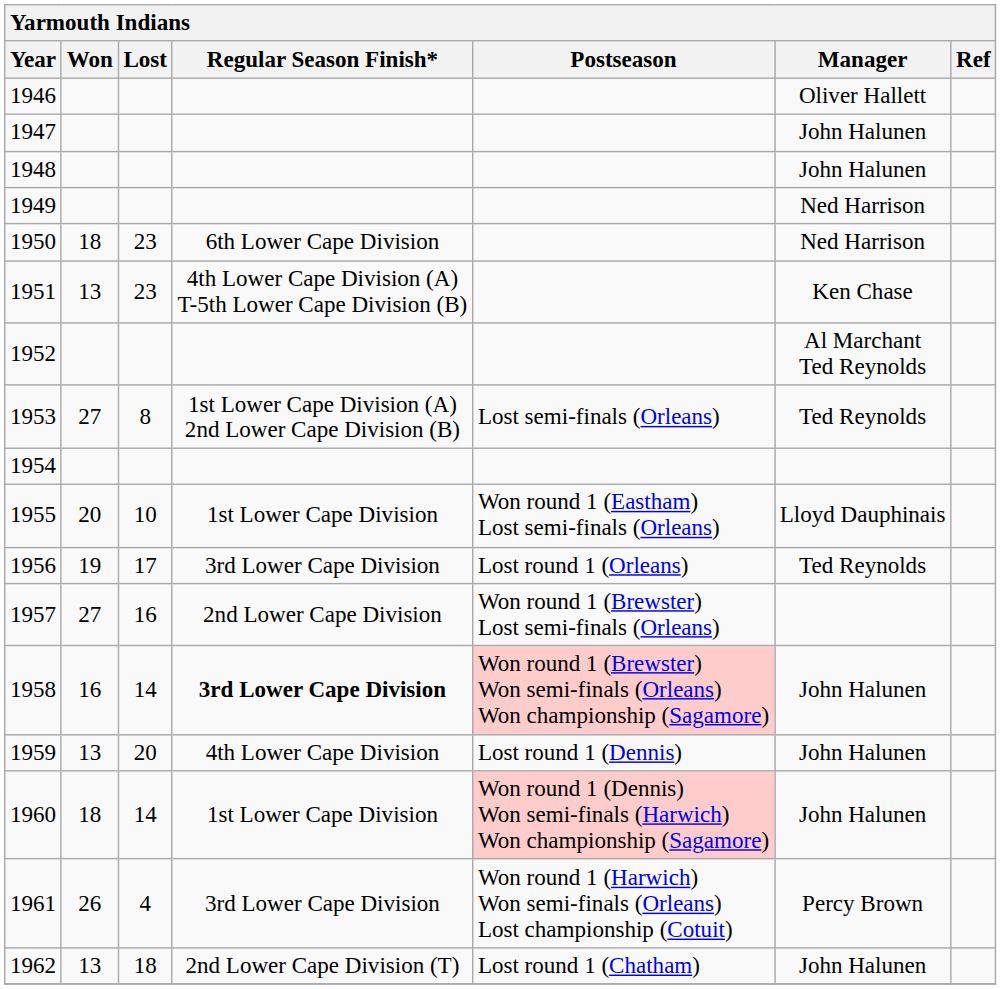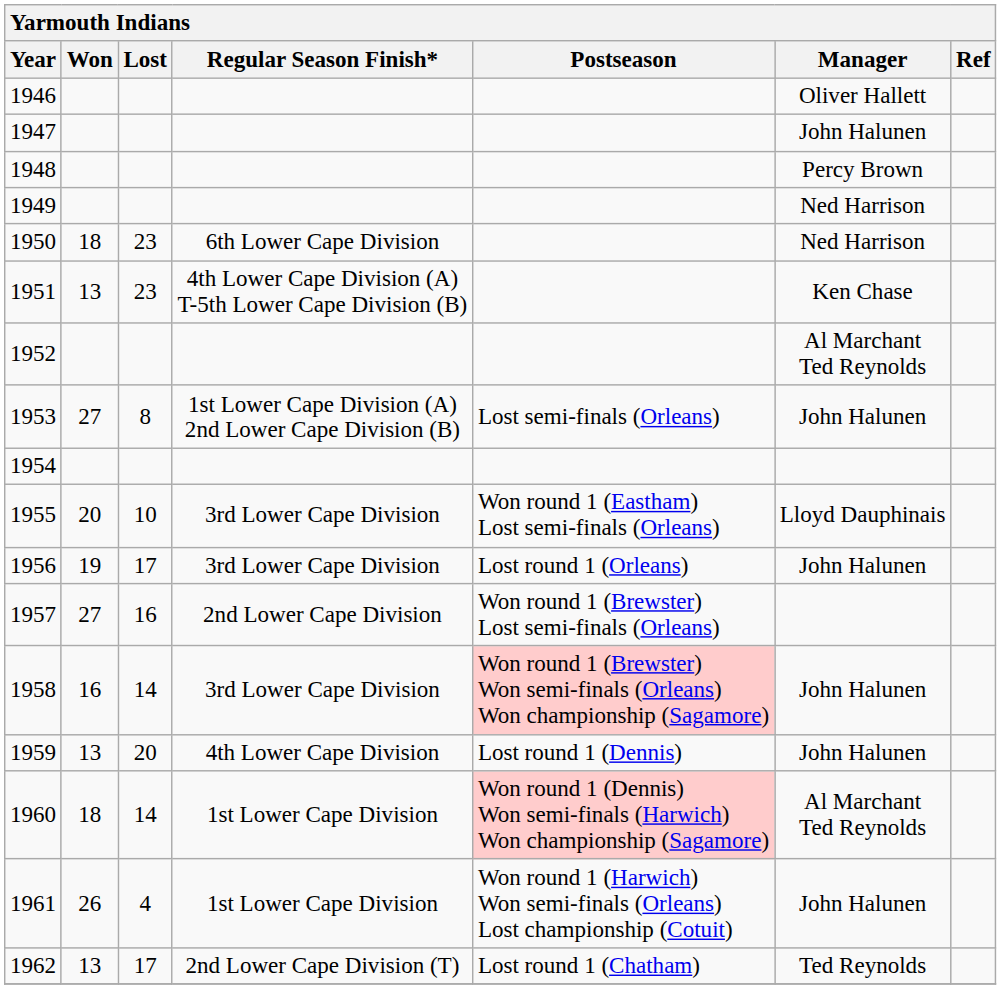 <table class="wikitable" style="text-align:center">
 <tr>
 <th style="text-align:left" colspan="7"><strong><span>Yarmouth Indians</span></strong></th>
 </tr>
 <tr>
 <th scope="col">Year</th>
 <th scope="col">Won</th>
 <th scope="col">Lost</th>
 <th scope="col">Regular Season Finish*</th>
 <th scope="col">Postseason</th>
 <th scope="col">Manager</th>
 <th scope="col">Ref</th>
 </tr>
 <tr>
 <td>1946</td>
 <td></td>
 <td></td>
 <td></td>
 <td></td>
 <td>Oliver Hallett</td>
 <td></td>
 </tr>
 <tr>
 <td>1947</td>
 <td></td>
 <td></td>
 <td></td>
 <td></td>
 <td>John Halunen</td>
 <td></td>
 </tr>
 <tr>
 <td>1948</td>
 <td></td>
 <td></td>
 <td></td>
 <td></td>
-<td>John Halunen</td>
+<td>Percy Brown</td>
 <td></td>
 </tr>
 <tr>
 <td>1949</td>
 <td></td>
 <td></td>
 <td></td>
 <td></td>
 <td>Ned Harrison</td>
 <td></td>
 </tr>
 <tr>
 <td>1950</td>
 <td>18</td>
 <td>23</td>
 <td>6th Lower Cape Division</td>
 <td></td>
 <td>Ned Harrison</td>
 <td></td>
 </tr>
 <tr>
 <td>1951</td>
 <td>13</td>
 <td>23</td>
 <td>4th Lower Cape Division (A)<br>T-5th Lower Cape Division (B)</td>
 <td></td>
 <td>Ken Chase</td>
 <td></td>
 </tr>
 <tr>
 <td>1952</td>
 <td></td>
 <td></td>
 <td></td>
 <td></td>
 <td>Al Marchant<br>Ted Reynolds</td>
 <td></td>
 </tr>
 <tr>
 <td>1953</td>
 <td>27</td>
 <td>8</td>
 <td>1st Lower Cape Division (A)<br>2nd Lower Cape Division (B)</td>
 <td style="text-align:left">Lost semi-finals (<a href='#'>Orleans</a>)</td>
-<td>Ted Reynolds</td>
+<td>John Halunen</td>
 <td></td>
 </tr>
 <tr>
 <td>1954</td>
 <td></td>
 <td></td>
 <td></td>
 <td></td>
 <td></td>
 <td></td>
 </tr>
 <tr>
 <td>1955</td>
 <td>20</td>
 <td>10</td>
-<td>1st Lower Cape Division</td>
+<td>3rd Lower Cape Division</td>
 <td style="text-align:left">Won round 1 (<a href='#'>Eastham</a>)<br>Lost semi-finals (<a href='#'>Orleans</a>)</td>
 <td>Lloyd Dauphinais</td>
 <td></td>
 </tr>
 <tr>
 <td>1956</td>
 <td>19</td>
 <td>17</td>
 <td>3rd Lower Cape Division</td>
 <td style="text-align:left">Lost round 1 (<a href='#'>Orleans</a>)</td>
-<td>Ted Reynolds</td>
+<td>John Halunen</td>
 <td></td>
 </tr>
 <tr>
 <td>1957</td>
 <td>27</td>
 <td>16</td>
 <td>2nd Lower Cape Division</td>
 <td style="text-align:left">Won round 1 (<a href='#'>Brewster</a>)<br>Lost semi-finals (<a href='#'>Orleans</a>)</td>
 <td></td>
 <td></td>
 </tr>
 <tr>
 <td>1958</td>
 <td>16</td>
 <td>14</td>
-<td><strong>3rd Lower Cape Division</strong></td>
+<td>3rd Lower Cape Division</td>
 <td style="text-align:left" bgcolor=#ffcccc>Won round 1 (<a href='#'>Brewster</a>)<br>Won semi-finals (<a href='#'>Orleans</a>)<br>Won championship (<a href='#'>Sagamore</a>)</td>
 <td>John Halunen</td>
 <td></td>
 </tr>
 <tr>
 <td>1959</td>
 <td>13</td>
 <td>20</td>
 <td>4th Lower Cape Division</td>
 <td style="text-align:left">Lost round 1 (<a href='#'>Dennis</a>)</td>
 <td>John Halunen</td>
 <td></td>
 </tr>
 <tr>
 <td>1960</td>
 <td>18</td>
 <td>14</td>
 <td>1st Lower Cape Division</td>
 <td style="text-align:left" bgcolor=#ffcccc>Won round 1 (Dennis)<br>Won semi-finals (<a href='#'>Harwich</a>)<br>Won championship (<a href='#'>Sagamore</a>)</td>
-<td>John Halunen</td>
+<td>Al Marchant<br>Ted Reynolds</td>
 <td><br></td>
 </tr>
 <tr>
 <td>1961</td>
 <td>26</td>
 <td>4</td>
-<td>3rd Lower Cape Division</td>
+<td>1st Lower Cape Division</td>
 <td style="text-align:left">Won round 1 (<a href='#'>Harwich</a>)<br>Won semi-finals (<a href='#'>Orleans</a>)<br>Lost championship (<a href='#'>Cotuit</a>)</td>
-<td>Percy Brown</td>
+<td>John Halunen</td>
 <td><br></td>
 </tr>
 <tr>
 <td>1962</td>
 <td>13</td>
-<td>18</td>
+<td>17</td>
 <td>2nd Lower Cape Division (T)</td>
 <td style="text-align:left">Lost round 1 (<a href='#'>Chatham</a>)</td>
-<td>John Halunen</td>
+<td>Ted Reynolds</td>
 <td></td>
 </tr>
 <tr>
 </tr>
 </table>
